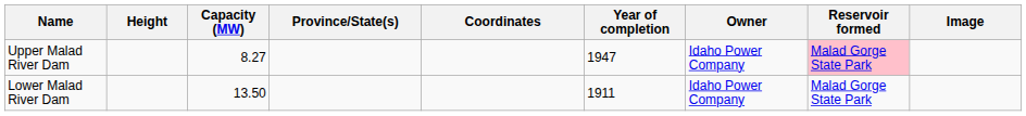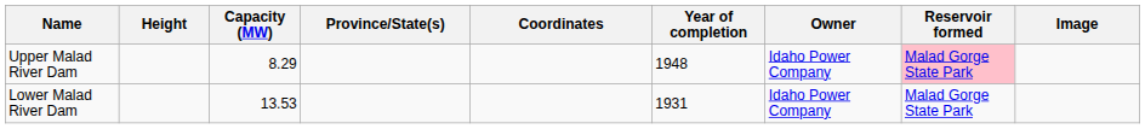 <table class="wikitable sortable" border="1">
 <tr>
 <th width="10%">Name</th>
 <th width="8%">Height</th>
 <th width="8%">Capacity (<a href='#'>MW</a>)</th>
 <th width="15%">Province/State(s)</th>
 <th width="16%">Coordinates</th>
 <th width="10%">Year of completion</th>
 <th width="12%">Owner</th>
 <th width="10%">Reservoir formed</th>
 <th>Image</th>
 </tr>
 <tr>
 <td>Upper Malad River Dam</td>
 <td></td>
-<td align="right">8.27</td>
+<td align="right">8.29</td>
 <td></td>
 <td></td>
-<td>1947</td>
+<td>1948</td>
 <td><a href='#'>Idaho Power Company</a></td>
 <td style="background: pink;"><a href='#'>Malad Gorge State Park</a></td>
 </tr>
 <tr>
 <td>Lower Malad River Dam</td>
 <td></td>
-<td align="right">13.50</td>
+<td align="right">13.53</td>
 <td></td>
 <td></td>
-<td>1911</td>
+<td>1931</td>
 <td><a href='#'>Idaho Power Company</a></td>
 <td><a href='#'>Malad Gorge State Park</a></td>
 <td></td>
 </tr>
 </table>
